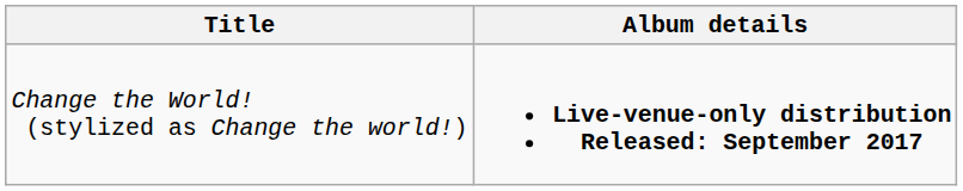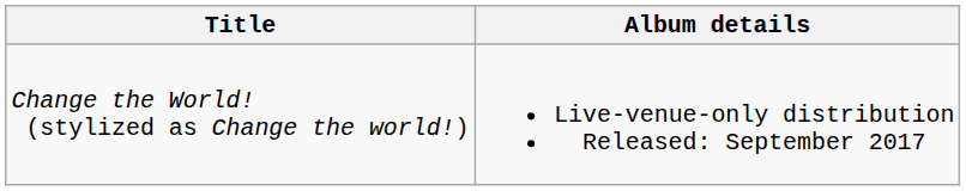 <table class="wikitable plainrowheaders" style="text-align:center">
 <tr>
 <th scope="col" rowspan="1">Title</th>
 <th scope="col" rowspan="1">Album details</th>
 </tr>
 <tr>
 <td align="left"><em>Change the World!</em><br> (stylized as <em>Change the world!</em>)</td>
-<td><strong><br><ul><li>Live-venue-only distribution</li><li>Released: September 2017</li></ul></strong></td>
+<td><br><ul><li>Live-venue-only distribution</li><li>Released: September 2017</li></ul></td>
 </tr>
 </table>
